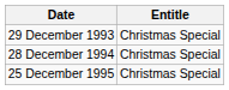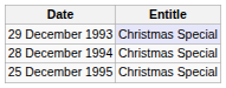 <table class="wikitable" style="text-align:center;">
 <tr>
 <th>Date</th>
 <th>Entitle</th>
 </tr>
 <tr>
 <td>29 December 1993</td>
-<td>Christmas Special</td>
+<td style="background: lavender;">Christmas Special</td>
 </tr>
 <tr>
 <td>28 December 1994</td>
 <td>Christmas Special</td>
 </tr>
 <tr>
 <td>25 December 1995</td>
 <td>Christmas Special</td>
 </tr>
 </table>
